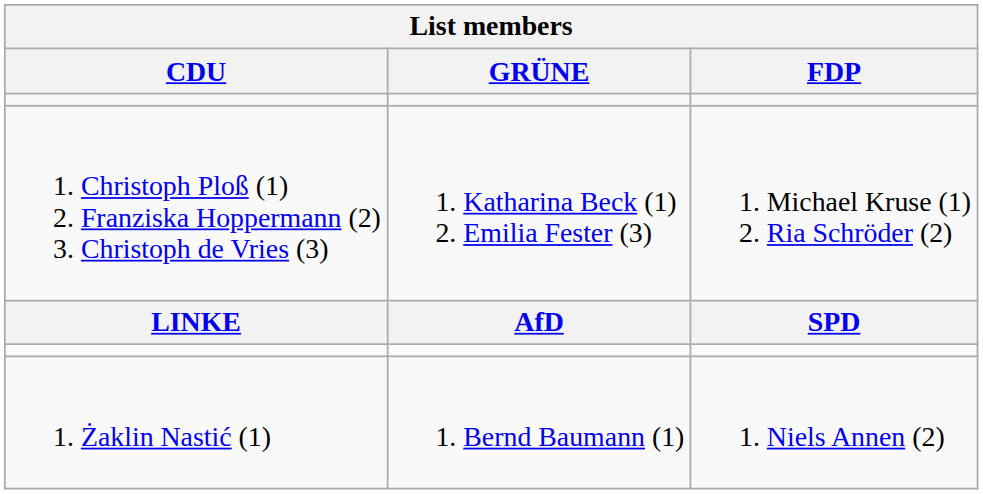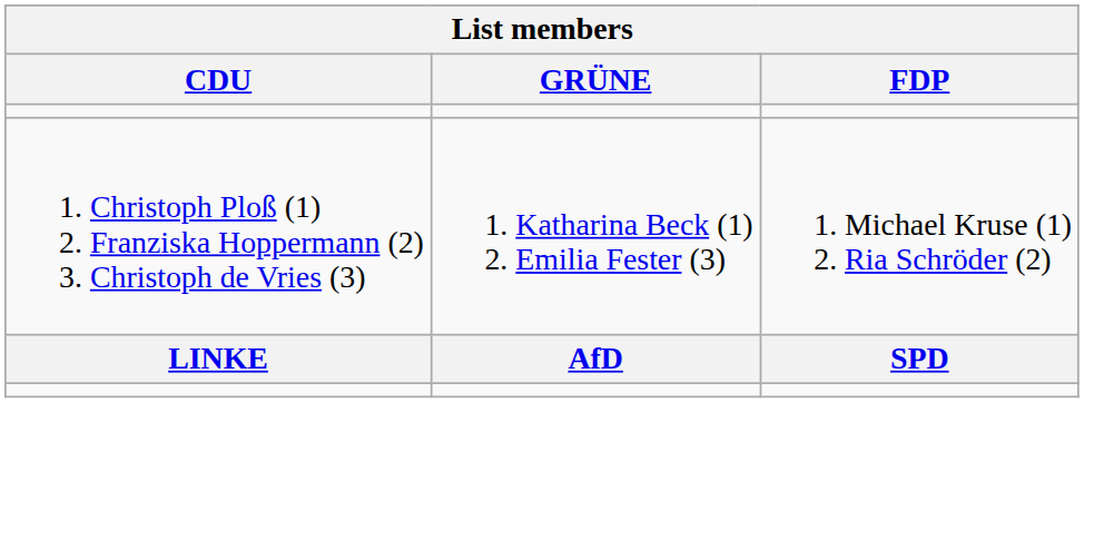 <table class=wikitable>
 <tr>
 <th colspan=3>List members</th>
 </tr>
 <tr>
 <th><a href='#'>CDU</a></th>
 <th><a href='#'>GRÜNE</a></th>
 <th><a href='#'>FDP</a></th>
 </tr>
 <tr>
 <td bgcolor=></td>
 <td bgcolor=></td>
 <td bgcolor=></td>
 </tr>
 <tr>
 <td><br><ol><li><a href='#'>Christoph Ploß</a> (1)</li><li><a href='#'>Franziska Hoppermann</a> (2)</li><li><a href='#'>Christoph de Vries</a> (3)</li></ol></td>
 <td><br><ol><li><a href='#'>Katharina Beck</a> (1)</li><li><a href='#'>Emilia Fester</a> (3)</li></ol></td>
 <td><br><ol><li>Michael Kruse (1)</li><li><a href='#'>Ria Schröder</a> (2)</li></ol></td>
 </tr>
 <tr>
 <th><a href='#'>LINKE</a></th>
 <th><a href='#'>AfD</a></th>
 <th><a href='#'>SPD</a></th>
 </tr>
 <tr>
 <td bgcolor=></td>
 <td bgcolor=></td>
 <td bgcolor=></td>
 </tr>
-<tr>
-<td><br><ol><li><a href='#'>Żaklin Nastić</a> (1)</li></ol></td>
-<td><br><ol><li><a href='#'>Bernd Baumann</a> (1)</li></ol></td>
-<td><br><ol><li><a href='#'>Niels Annen</a> (2)</li></ol></td>
-</tr>
 </table>
